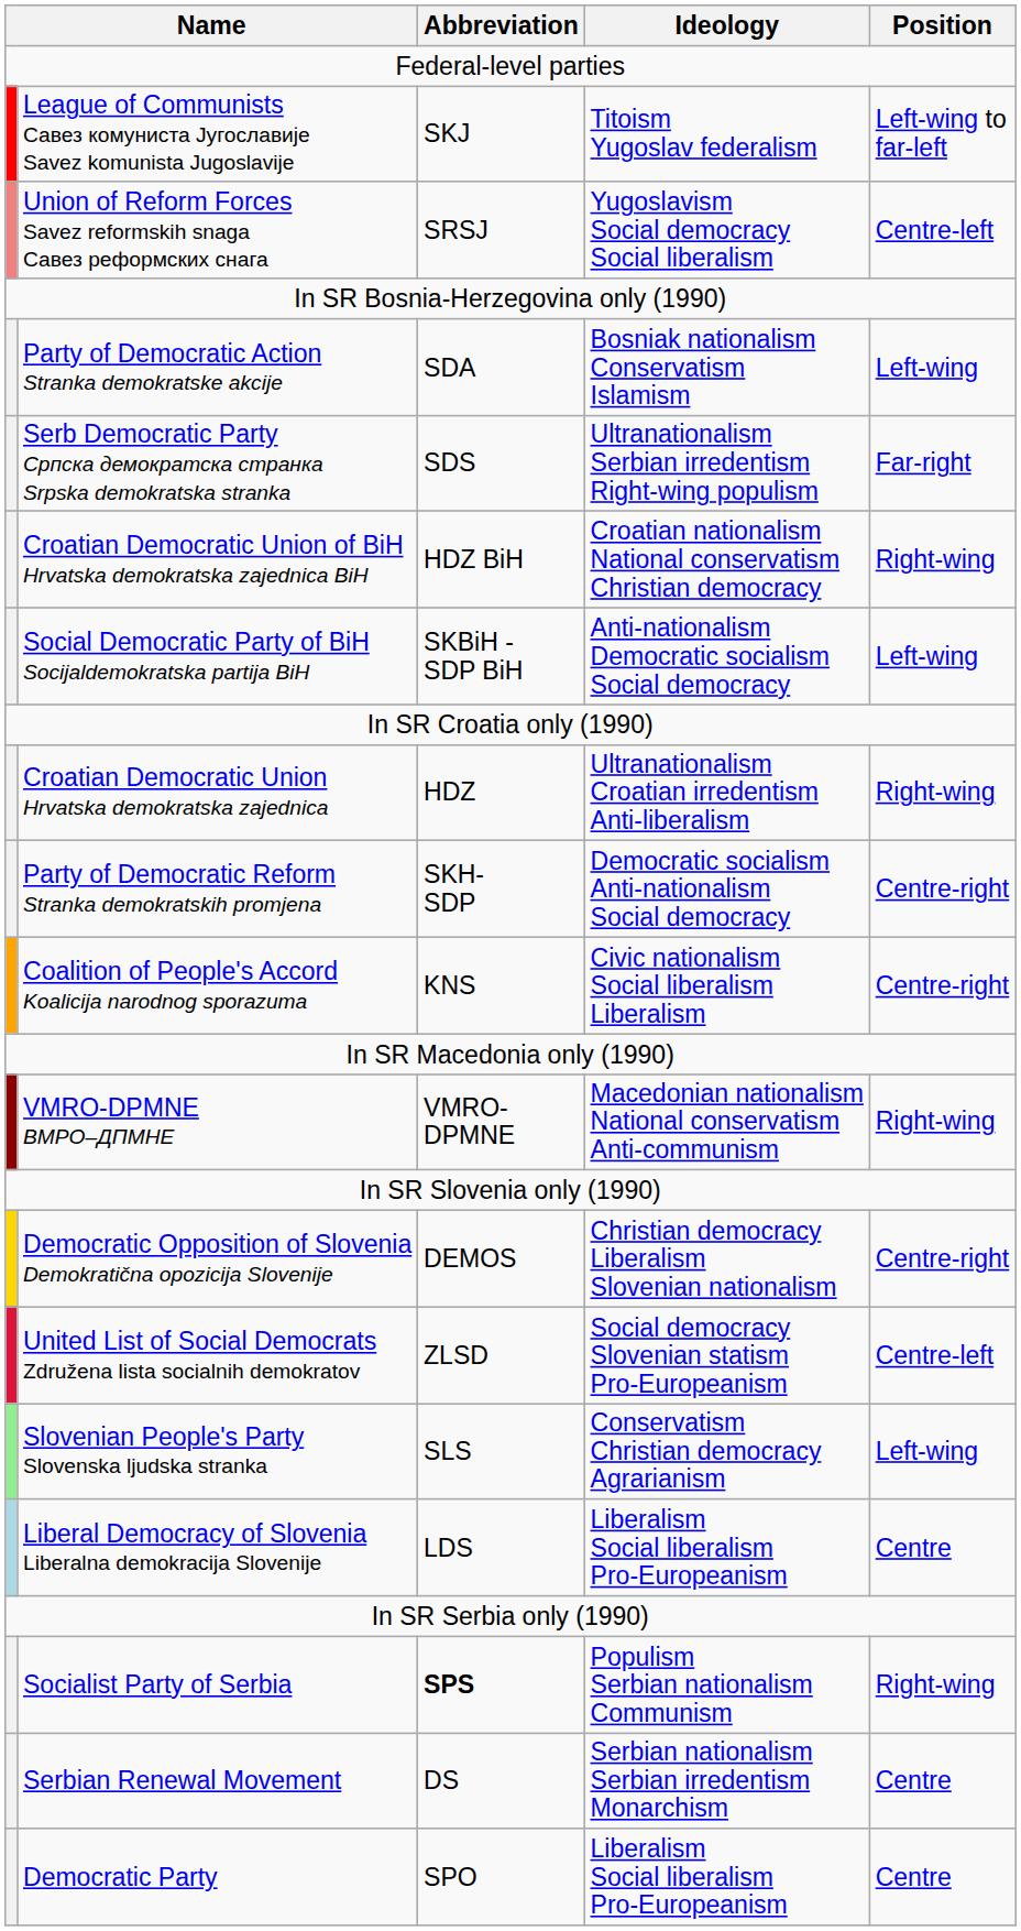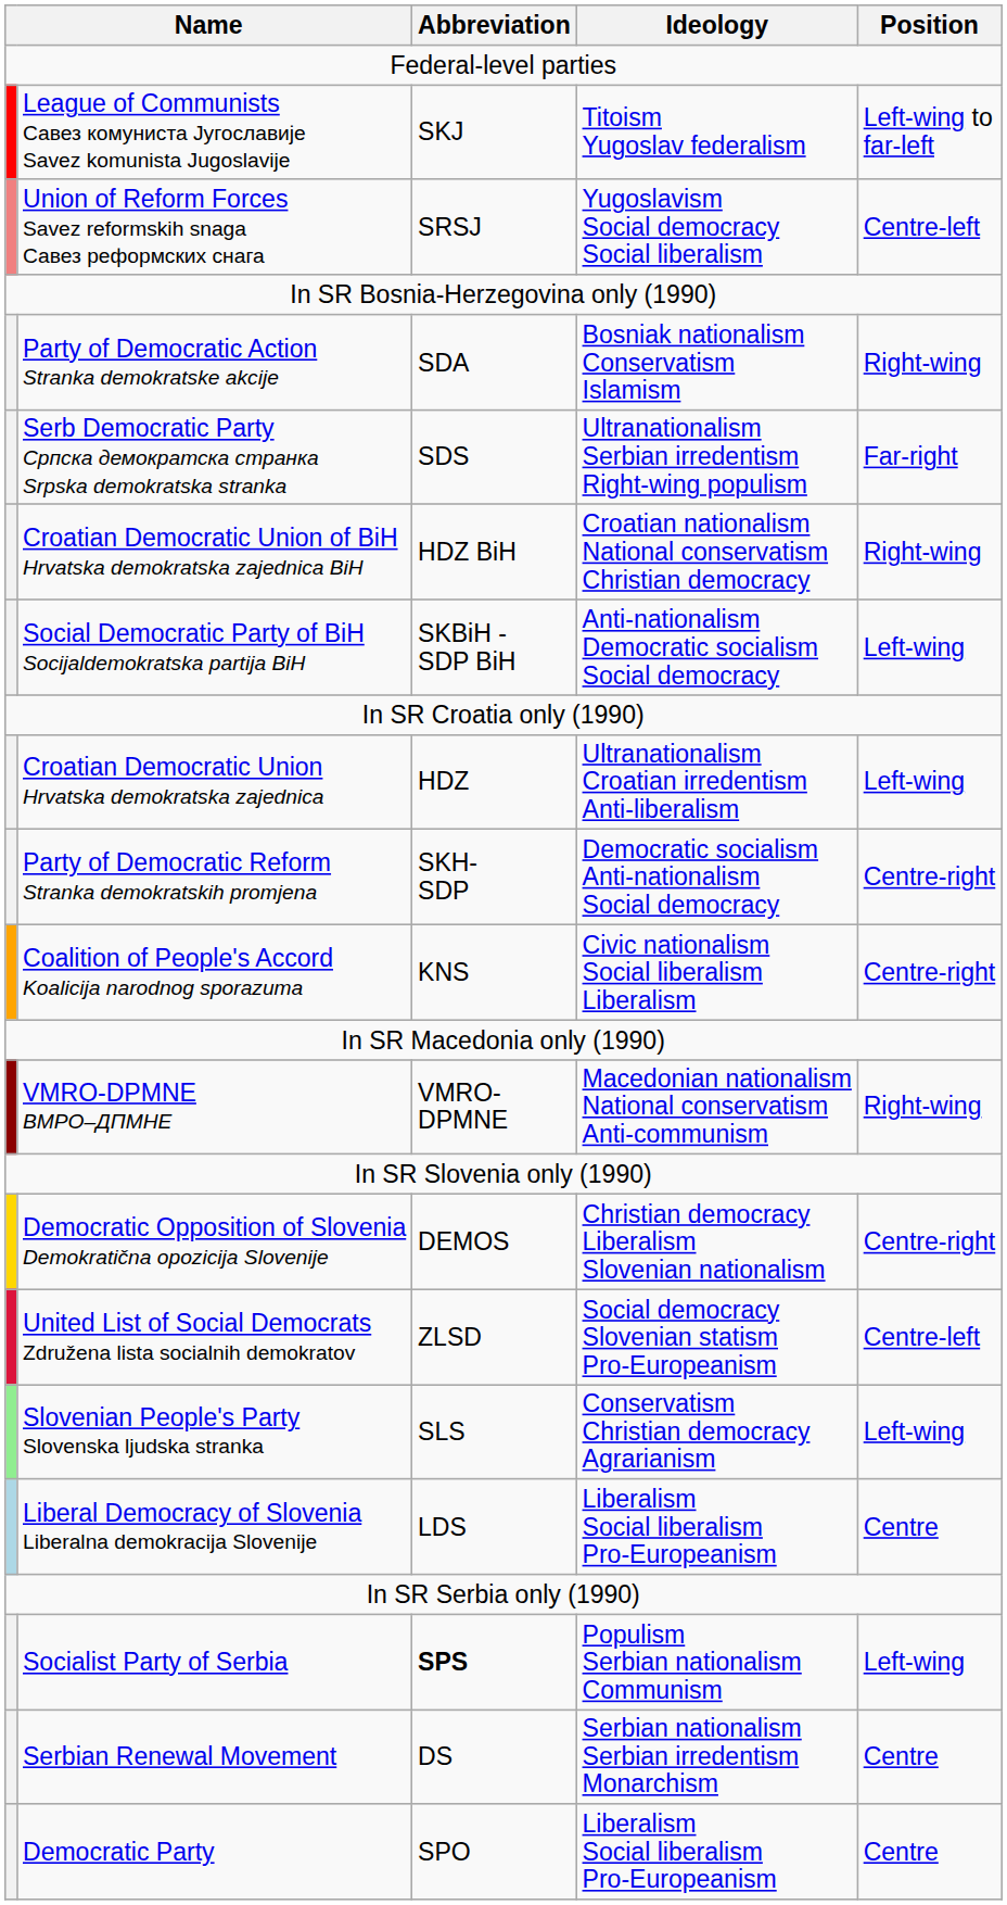 <table class="wikitable"  style="font-size:90%">
 <tr>
 <th Colspan=2>Name</th>
 <th>Abbreviation</th>
 <th>Ideology</th>
 <th>Position</th>
 </tr>
 <tr>
 <td colspan="5" align="center">Federal-level parties</td>
 </tr>
 <tr>
 <th style="background-color:red;"></th>
 <td><a href='#'>League of Communists</a><br><small>Савез комуниста Југославије<br>Savez komunista Jugoslavije</small></td>
 <td>SKJ</td>
 <td><a href='#'>Titoism</a><br><a href='#'>Yugoslav federalism</a></td>
 <td><a href='#'>Left-wing</a> to<br><a href='#'>far-left</a></td>
 </tr>
 <tr>
 <th style="background:lightcoral;"></th>
 <td><a href='#'>Union of Reform Forces</a><br><small>Savez reformskih snaga<br>Савез реформских снага</small></td>
 <td>SRSJ</td>
 <td><a href='#'>Yugoslavism</a><br><a href='#'>Social democracy</a><br><a href='#'>Social liberalism</a></td>
 <td><a href='#'>Centre-left</a></td>
 </tr>
 <tr>
 <td colspan="5" align="center">In SR Bosnia-Herzegovina only (1990)</td>
 </tr>
 <tr>
 <th style="background-color:"></th>
 <td><a href='#'>Party of Democratic Action</a><br><small><em>Stranka demokratske akcije</em></small></td>
 <td>SDA</td>
 <td><a href='#'>Bosniak nationalism</a><br><a href='#'>Conservatism</a><br><a href='#'>Islamism</a></td>
-<td><a href='#'>Left-wing</a></td>
+<td><a href='#'>Right-wing</a></td>
 </tr>
 <tr>
 <th style="background-color:"></th>
 <td><a href='#'>Serb Democratic Party</a><br><small><em>Српска демократска странка</em></small><br><small><em>Srpska demokratska stranka</em></small></td>
 <td>SDS</td>
 <td><a href='#'>Ultranationalism</a><br><a href='#'>Serbian irredentism</a><br><a href='#'>Right-wing populism</a></td>
 <td><a href='#'>Far-right</a></td>
 </tr>
 <tr>
 <th style="background-color:"></th>
 <td><a href='#'>Croatian Democratic Union of BiH</a><br><small><em>Hrvatska demokratska zajednica BiH</em></small></td>
 <td>HDZ BiH</td>
 <td><a href='#'>Croatian nationalism</a><br><a href='#'>National conservatism</a><br><a href='#'>Christian democracy</a></td>
 <td><a href='#'>Right-wing</a></td>
 </tr>
 <tr>
 <th style="background-color:"></th>
 <td><a href='#'>Social Democratic Party of BiH</a><br><small><em>Socijaldemokratska partija BiH</em></small></td>
 <td>SKBiH - <br>SDP BiH</td>
 <td><a href='#'>Anti-nationalism</a><br><a href='#'>Democratic socialism</a><br><a href='#'>Social democracy</a></td>
 <td><a href='#'>Left-wing</a></td>
 </tr>
 <tr>
 <td colspan="5" align="center">In SR Croatia only (1990)</td>
 </tr>
 <tr>
 <th style="background-color:"></th>
 <td><a href='#'>Croatian Democratic Union</a><br><small><em>Hrvatska demokratska zajednica</em></small></td>
 <td>HDZ</td>
 <td><a href='#'>Ultranationalism</a><br><a href='#'>Croatian irredentism</a><br><a href='#'>Anti-liberalism</a></td>
-<td><a href='#'>Right-wing</a></td>
+<td><a href='#'>Left-wing</a></td>
 </tr>
 <tr>
 <th style="background-color:"></th>
 <td><a href='#'>Party of Democratic Reform</a><br><small><em>Stranka demokratskih promjena </em></small></td>
 <td>SKH-<br>SDP</td>
 <td><a href='#'>Democratic socialism</a><br> <a href='#'>Anti-nationalism</a><br><a href='#'>Social democracy</a></td>
 <td><a href='#'>Centre-right</a></td>
 </tr>
 <tr>
 <th style="background-color:orange"></th>
 <td><a href='#'>Coalition of People's Accord</a><br><small><em>Koalicija narodnog sporazuma</em></small></td>
 <td>KNS</td>
 <td><a href='#'>Civic nationalism</a><br> <a href='#'>Social liberalism</a><br><a href='#'>Liberalism</a></td>
 <td><a href='#'>Centre-right</a></td>
 </tr>
 <tr>
 <td colspan="5" align="center">In SR Macedonia only (1990)</td>
 </tr>
 <tr>
 <th style="background-color:darkred"></th>
 <td><a href='#'>VMRO-DPMNE</a><br><small><em>ВМРО–ДПМНЕ</em></small></td>
 <td>VMRO-<br>DPMNE</td>
 <td><a href='#'>Macedonian nationalism</a><br><a href='#'>National conservatism</a><br><a href='#'>Anti-communism</a></td>
 <td><a href='#'>Right-wing</a></td>
 </tr>
 <tr>
 <td colspan="5" align="center">In SR Slovenia only (1990)</td>
 </tr>
 <tr>
 <th style="background-color:gold"></th>
 <td><a href='#'>Democratic Opposition of Slovenia</a><br><small><em>Demokratična opozicija Slovenije</em></small></td>
 <td>DEMOS</td>
 <td><a href='#'>Christian democracy</a><br><a href='#'>Liberalism</a><br><a href='#'>Slovenian nationalism</a></td>
 <td><a href='#'>Centre-right</a></td>
 </tr>
 <tr>
 <th style="background-color:#DC143C;"></th>
 <td><a href='#'>United List of Social Democrats</a><br><small>Združena lista socialnih demokratov</small></td>
 <td>ZLSD</td>
 <td><a href='#'>Social democracy</a><br><a href='#'>Slovenian statism</a><br><a href='#'>Pro-Europeanism</a></td>
 <td><a href='#'>Centre-left</a></td>
 </tr>
 <tr>
 <th style="background-color:lightgreen;"></th>
 <td><a href='#'>Slovenian People's Party</a><br><small>Slovenska ljudska stranka</small></td>
 <td>SLS</td>
 <td><a href='#'>Conservatism</a><br><a href='#'>Christian democracy</a><br><a href='#'>Agrarianism</a></td>
 <td><a href='#'>Left-wing</a></td>
 </tr>
 <tr>
 <th style="background-color:lightblue;"></th>
 <td><a href='#'>Liberal Democracy of Slovenia</a><br><small>Liberalna demokracija Slovenije</small></td>
 <td>LDS</td>
 <td><a href='#'>Liberalism</a><br><a href='#'>Social liberalism</a><br><a href='#'>Pro-Europeanism</a></td>
 <td><a href='#'>Centre</a></td>
 </tr>
 <tr>
 <td colspan="5" align="center">In SR Serbia only (1990)</td>
 </tr>
 <tr>
 <th style="background-color:"></th>
 <td><a href='#'>Socialist Party of Serbia</a><br><small><em></em></small></td>
 <td><strong>SPS</strong></td>
 <td><a href='#'>Populism</a><br><a href='#'>Serbian nationalism</a><br><a href='#'>Communism</a></td>
-<td><a href='#'>Right-wing</a></td>
+<td><a href='#'>Left-wing</a></td>
 </tr>
 <tr>
 <th style="background-color:"></th>
 <td><a href='#'>Serbian Renewal Movement</a><br><small><em></em></small></td>
 <td>DS</td>
 <td><a href='#'>Serbian nationalism</a><br><a href='#'>Serbian irredentism</a><br><a href='#'>Monarchism</a></td>
 <td><a href='#'>Centre</a></td>
 </tr>
 <tr>
 <th style="background-color:"></th>
 <td><a href='#'>Democratic Party</a><br><small><em></em></small></td>
 <td>SPO</td>
 <td><a href='#'>Liberalism</a><br><a href='#'>Social liberalism</a><br><a href='#'>Pro-Europeanism</a></td>
 <td><a href='#'>Centre</a></td>
 </tr>
 </table>
